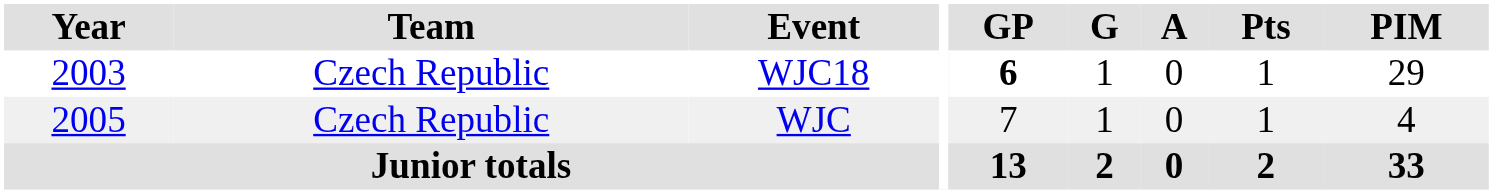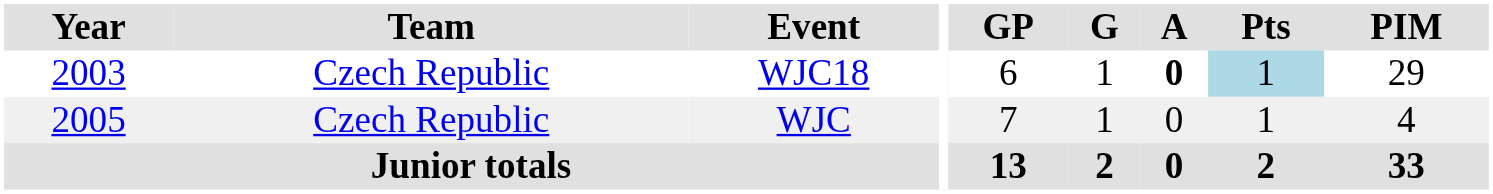 <table border="0" cellpadding="1" cellspacing="0" ID="Table3" style="text-align:center; width:40em">
 <tr ALIGN="center" bgcolor="#e0e0e0">
 <th>Year</th>
 <th>Team</th>
 <th>Event</th>
 <th rowspan="99" bgcolor="#ffffff"></th>
 <th>GP</th>
 <th>G</th>
 <th>A</th>
 <th>Pts</th>
 <th>PIM</th>
 </tr>
 <tr>
 <td><a href='#'>2003</a></td>
 <td><a href='#'>Czech Republic</a></td>
 <td><a href='#'>WJC18</a></td>
-<td><strong>6</strong></td>
+<td>6</td>
 <td>1</td>
-<td>0</td>
-<td>1</td>
+<td><strong>0</strong></td>
+<td style="background: lightblue;">1</td>
 <td>29</td>
 </tr>
 <tr bgcolor="#f0f0f0">
 <td><a href='#'>2005</a></td>
 <td><a href='#'>Czech Republic</a></td>
 <td><a href='#'>WJC</a></td>
 <td>7</td>
 <td>1</td>
 <td>0</td>
 <td>1</td>
 <td>4</td>
 </tr>
 <tr bgcolor="#e0e0e0">
 <th colspan="3">Junior totals</th>
 <th>13</th>
 <th>2</th>
 <th>0</th>
 <th>2</th>
 <th>33</th>
 </tr>
 </table>
